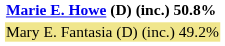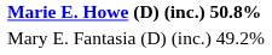 <table>
 <tr>
 <td><strong><a href='#'>Marie E. Howe</a> (D) (inc.) 50.8%</strong></td>
 </tr>
 <tr>
-<td style="background: khaki;">Mary E. Fantasia (D) (inc.) 49.2%</td>
+<td>Mary E. Fantasia (D) (inc.) 49.2%</td>
 </tr>
 </table>
